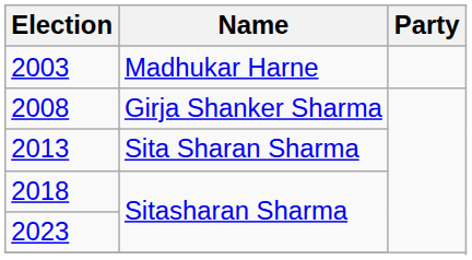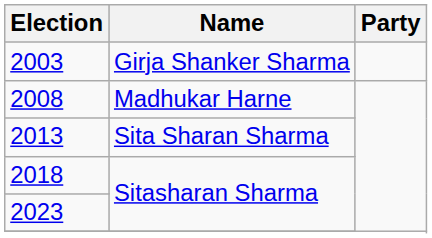 <table class="wikitable sortable">
 <tr>
 <th>Election</th>
 <th>Name</th>
 <th colspan=2>Party</th>
 </tr>
 <tr>
 <td><a href='#'>2003</a></td>
-<td><a href='#'>Madhukar Harne</a></td>
+<td><a href='#'>Girja Shanker Sharma</a></td>
 <td></td>
 </tr>
 <tr>
 <td><a href='#'>2008</a></td>
-<td><a href='#'>Girja Shanker Sharma</a></td>
+<td><a href='#'>Madhukar Harne</a></td>
 </tr>
 <tr>
 <td><a href='#'>2013</a></td>
 <td><a href='#'>Sita Sharan Sharma</a></td>
 </tr>
 <tr>
 <td><a href='#'>2018</a></td>
 <td rowspan=2><a href='#'>Sitasharan Sharma</a></td>
 </tr>
 <tr>
 <td><a href='#'>2023</a></td>
 </tr>
 <tr>
 </tr>
 </table>
